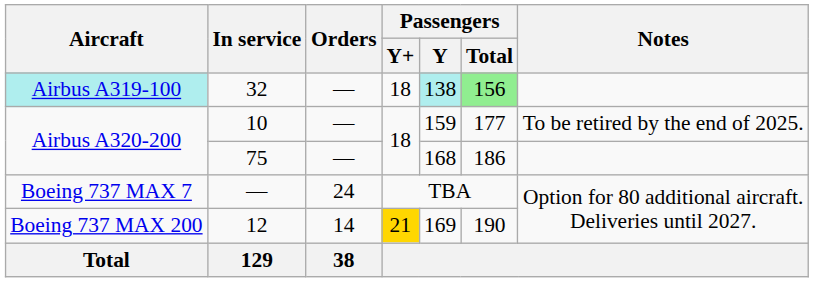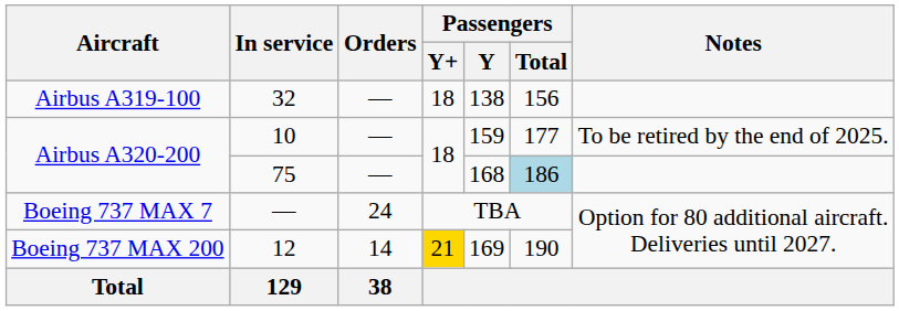 <table class="wikitable" style="margin:0.5em auto; text-align:center">
 <tr>
 <th rowspan="2">Aircraft</th>
 <th rowspan="2">In service</th>
 <th rowspan="2">Orders</th>
 <th colspan="3">Passengers</th>
 <th rowspan="2">Notes</th>
 </tr>
 <tr>
 <th><abbr>Y+</abbr></th>
 <th><abbr>Y</abbr></th>
 <th>Total</th>
 </tr>
 <tr>
-<td style="background: paleturquoise;"><a href='#'>Airbus A319-100</a></td>
+<td><a href='#'>Airbus A319-100</a></td>
 <td>32</td>
 <td>—</td>
 <td>18</td>
-<td style="background: paleturquoise;">138</td>
-<td style="background: lightgreen;">156</td>
+<td>138</td>
+<td>156</td>
 <td></td>
 </tr>
 <tr |>
 <td rowspan="2"><a href='#'>Airbus A320-200</a></td>
 <td>10</td>
 <td>—</td>
 <td rowspan="2">18</td>
 <td>159</td>
 <td>177</td>
 <td>To be retired by the end of 2025.</td>
 </tr>
 <tr>
 <td>75</td>
 <td>—</td>
 <td>168</td>
-<td>186</td>
+<td style="background: lightblue;">186</td>
 <td></td>
 </tr>
 <tr>
 <td><a href='#'>Boeing 737 MAX 7</a></td>
 <td>—</td>
 <td>24</td>
 <td colspan="3"><abbr>TBA</abbr></td>
 <td rowspan="2">Option for 80 additional aircraft.<br>Deliveries until 2027.</td>
 </tr>
 <tr>
 <td><a href='#'>Boeing 737 MAX 200</a></td>
 <td>12</td>
 <td>14</td>
 <td style="background: gold;">21</td>
 <td>169</td>
 <td>190</td>
 </tr>
 <tr>
 <th>Total</th>
 <th>129</th>
 <th>38</th>
 <th colspan="4"></th>
 </tr>
 </table>
